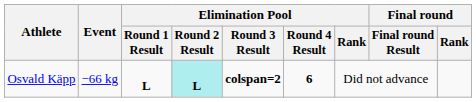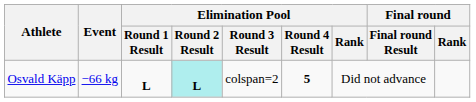 <table class="wikitable" style="font-size:90%">
 <tr>
 <th rowspan="2">Athlete</th>
 <th rowspan="2">Event</th>
 <th colspan=5>Elimination Pool</th>
 <th colspan=2>Final round</th>
 </tr>
 <tr style="font-size: 95%">
 <th>Round 1<br>Result</th>
 <th>Round 2<br>Result</th>
 <th>Round 3<br>Result</th>
 <th>Round 4<br>Result</th>
 <th>Rank</th>
 <th>Final round<br>Result</th>
 <th>Rank</th>
 </tr>
 <tr align=center>
 <td align=left><a href='#'>Osvald Käpp</a></td>
 <td align=left><a href='#'>−66 kg</a></td>
 <td><br><strong>L</strong></td>
 <td style="background: paleturquoise;"><br><strong>L</strong></td>
-<td><strong>colspan=2 </strong></td>
-<td><strong>6</strong></td>
+<td>colspan=2 </td>
+<td><strong>5</strong></td>
 <td colspan=2>Did not advance</td>
 </tr>
 </table>
